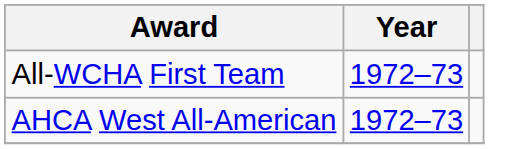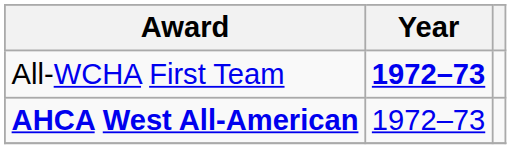 <table class="wikitable">
 <tr>
 <th>Award</th>
 <th>Year</th>
 <th></th>
 </tr>
 <tr>
 <td>All-<a href='#'>WCHA</a> <a href='#'>First Team</a></td>
-<td><a href='#'>1972–73</a></td>
+<td><strong><a href='#'>1972–73</a></strong></td>
 <td></td>
 </tr>
 <tr>
-<td><a href='#'>AHCA</a> <a href='#'>West All-American</a></td>
+<td><strong><a href='#'>AHCA</a> <a href='#'>West All-American</a></strong></td>
 <td><a href='#'>1972–73</a></td>
 <td></td>
 </tr>
 <tr>
 </tr>
 </table>
